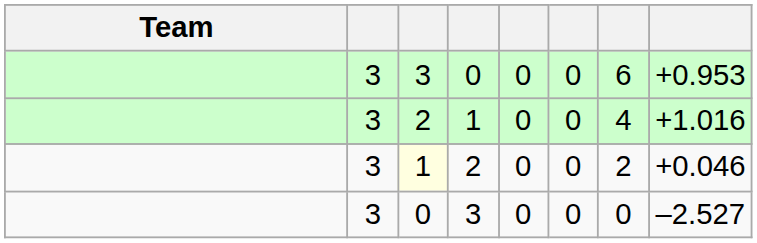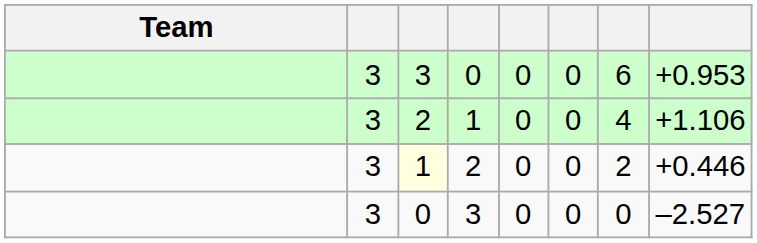 <table class="wikitable" style="text-align:center">
 <tr>
 <th width=180>Team</th>
 <th width=20></th>
 <th width=20></th>
 <th width=20></th>
 <th width=20></th>
 <th width=20></th>
 <th width=20></th>
 <th width=45></th>
 </tr>
 <tr style="background:#cfc">
 <td align="left"></td>
 <td>3</td>
 <td>3</td>
 <td>0</td>
 <td>0</td>
 <td>0</td>
 <td>6</td>
 <td>+0.953</td>
 </tr>
 <tr style="background:#cfc">
 <td align="left"></td>
 <td>3</td>
 <td>2</td>
 <td>1</td>
 <td>0</td>
 <td>0</td>
 <td>4</td>
-<td>+1.016</td>
+<td>+1.106</td>
 </tr>
 <tr>
 <td align="left"></td>
 <td>3</td>
 <td style="background: lightyellow;">1</td>
 <td>2</td>
 <td>0</td>
 <td>0</td>
 <td>2</td>
-<td>+0.046</td>
+<td>+0.446</td>
 </tr>
 <tr>
 <td align="left"></td>
 <td>3</td>
 <td>0</td>
 <td>3</td>
 <td>0</td>
 <td>0</td>
 <td>0</td>
 <td>–2.527</td>
 </tr>
 </table>
